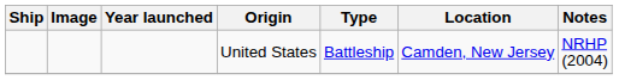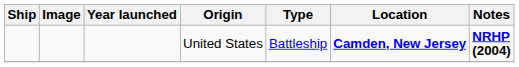 <table class="wikitable sortable">
 <tr>
 <th>Ship</th>
 <th>Image</th>
 <th>Year launched</th>
 <th>Origin</th>
 <th>Type</th>
 <th>Location</th>
 <th>Notes</th>
 </tr>
 <tr>
 <td data-sort-value=New Jersey><br></td>
 <td></td>
 <td></td>
 <td> United States</td>
 <td><a href='#'>Battleship</a></td>
-<td><a href='#'>Camden, New Jersey</a><br></td>
-<td><a href='#'>NRHP</a><br>(2004)</td>
+<td><strong><a href='#'>Camden, New Jersey</a><br></strong></td>
+<td><strong><a href='#'>NRHP</a><br>(2004)</strong></td>
 </tr>
 <tr>
 </tr>
 </table>
